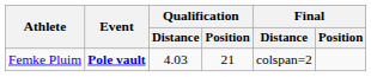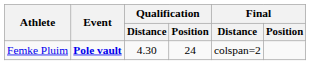 <table class=wikitable style="font-size:90%">
 <tr>
 <th rowspan="2">Athlete</th>
 <th rowspan="2">Event</th>
 <th colspan="2">Qualification</th>
 <th colspan="2">Final</th>
 </tr>
 <tr style="font-size:95%">
 <th>Distance</th>
 <th>Position</th>
 <th>Distance</th>
 <th>Position</th>
 </tr>
 <tr style=text-align:center>
 <td style=text-align:left><a href='#'>Femke Pluim</a></td>
 <td style=text-align:left><strong><a href='#'>Pole vault</a></strong></td>
-<td>4.03</td>
-<td>21</td>
+<td>4.30</td>
+<td>24</td>
 <td>colspan=2 </td>
 </tr>
 </table>
